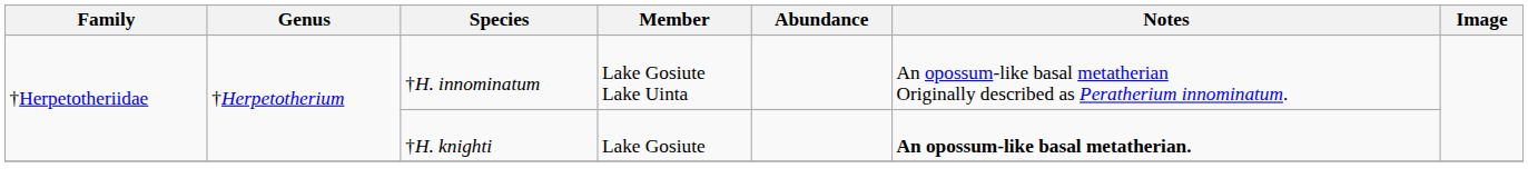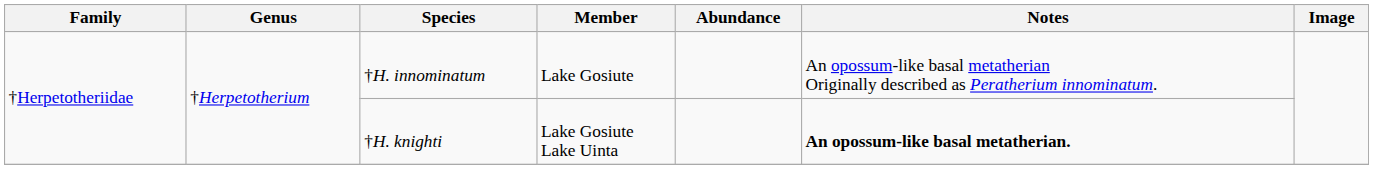 <table class="wikitable" style="margin:auto;width:100%;">
 <tr>
 <th>Family</th>
 <th>Genus</th>
 <th>Species</th>
 <th>Member</th>
 <th>Abundance</th>
 <th>Notes</th>
 <th>Image</th>
 </tr>
 <tr>
 <td rowspan=2>†<a href='#'>Herpetotheriidae</a></td>
 <td rowspan=2>†<em><a href='#'>Herpetotherium</a></em></td>
 <td><br>†<em>H. innominatum</em></td>
-<td><br>Lake Gosiute<br> Lake Uinta</td>
+<td><br>Lake Gosiute</td>
 <td></td>
 <td><br>An <a href='#'>opossum</a>-like basal <a href='#'>metatherian</a><br>Originally described as <em><a href='#'>Peratherium innominatum</a></em>.</td>
 <td rowspan=2></td>
 </tr>
 <tr>
 <td><br>†<em>H. knighti</em></td>
-<td><br>Lake Gosiute</td>
+<td><br>Lake Gosiute<br> Lake Uinta</td>
 <td></td>
 <td><strong><br>An opossum-like basal metatherian.</strong></td>
 </tr>
 <tr>
 </tr>
 </table>
